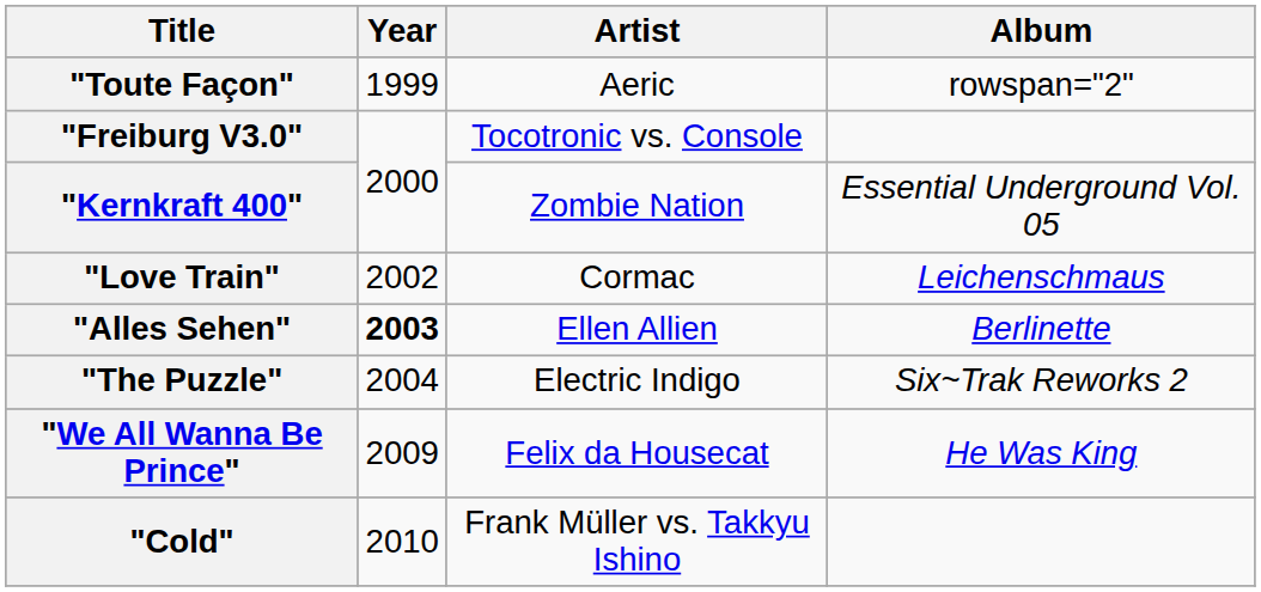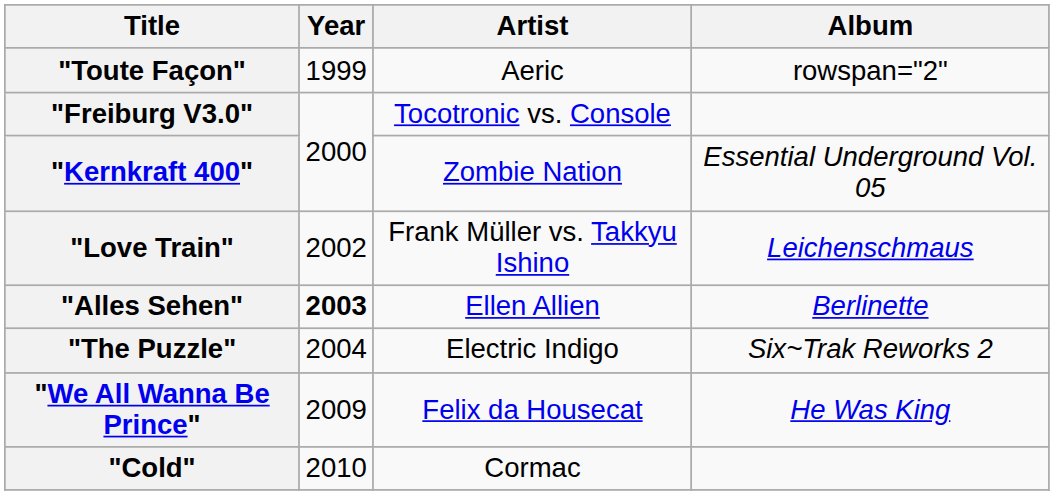 <table class="wikitable plainrowheaders" style="text-align:center;">
 <tr>
 <th scope="col" style="width:15em;">Title</th>
 <th scope="col">Year</th>
 <th scope="col" style="width:17em;">Artist</th>
 <th scope="col" style="width:17em;">Album</th>
 </tr>
 <tr>
 <th scope="row">"Toute Façon"</th>
 <td>1999</td>
 <td>Aeric</td>
 <td>rowspan="2" </td>
 </tr>
 <tr>
 <th scope="row">"Freiburg V3.0"</th>
 <td rowspan="2">2000</td>
 <td><a href='#'>Tocotronic</a> vs. <a href='#'>Console</a></td>
 </tr>
 <tr>
 <th scope="row">"<a href='#'>Kernkraft 400</a>"</th>
 <td><a href='#'>Zombie Nation</a></td>
 <td><em>Essential Underground Vol. 05</em></td>
 </tr>
 <tr>
 <th scope="row">"Love Train"</th>
 <td>2002</td>
-<td>Cormac</td>
+<td>Frank Müller vs. <a href='#'>Takkyu Ishino</a></td>
 <td><em><a href='#'>Leichenschmaus</a></em></td>
 </tr>
 <tr>
 <th scope="row">"Alles Sehen"</th>
 <td><strong>2003</strong></td>
 <td><a href='#'>Ellen Allien</a></td>
 <td><em><a href='#'>Berlinette</a></em></td>
 </tr>
 <tr>
 <th scope="row">"The Puzzle"</th>
 <td>2004</td>
 <td>Electric Indigo</td>
 <td><em>Six~Trak Reworks 2</em></td>
 </tr>
 <tr>
 <th scope="row">"<a href='#'>We All Wanna Be Prince</a>"</th>
 <td>2009</td>
 <td><a href='#'>Felix da Housecat</a></td>
 <td><em><a href='#'>He Was King</a></em></td>
 </tr>
 <tr>
 <th scope="row">"Cold"</th>
 <td>2010</td>
-<td>Frank Müller vs. <a href='#'>Takkyu Ishino</a></td>
+<td>Cormac</td>
 <td></td>
 </tr>
 </table>
